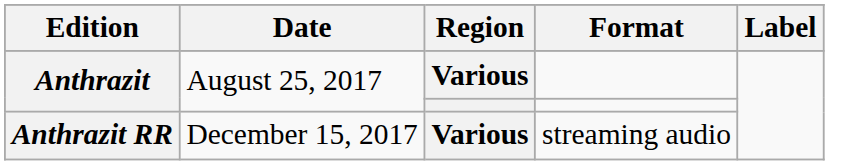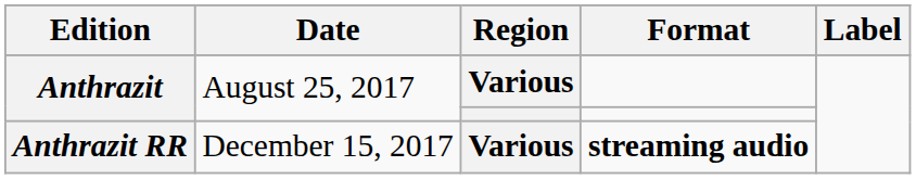 <table class="wikitable plainrowheaders">
 <tr>
 <th>Edition</th>
 <th>Date</th>
 <th>Region</th>
 <th>Format</th>
 <th>Label</th>
 </tr>
 <tr>
 <th scope="row" rowspan="2"><em>Anthrazit</em></th>
 <td rowspan="2">August 25, 2017</td>
 <th scope="row">Various</th>
 <td></td>
 <td rowspan="5"></td>
 </tr>
 <tr>
 <th scope="row"></th>
 <td></td>
 </tr>
 <tr>
 <th scope="row" rowspan="2"><em>Anthrazit RR</em></th>
 <td rowspan="2">December 15, 2017</td>
 <th scope="row">Various</th>
-<td>streaming audio</td>
+<td><strong>streaming audio</strong></td>
 </tr>
 </table>
